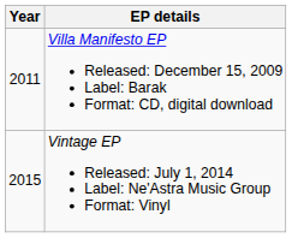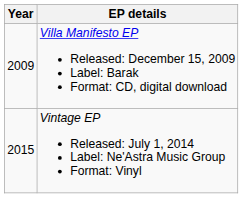 <table class="wikitable">
 <tr>
 <th style="text-align:center;">Year</th>
 <th style="text-align:center;">EP details</th>
 </tr>
 <tr>
-<td style="text-align:center;">2011</td>
+<td style="text-align:center;">2009</td>
 <td style="text-align:left; vertical-align:top;"><em><a href='#'>Villa Manifesto EP</a></em><br><ul><li>Released: December 15, 2009</li><li>Label: Barak</li><li>Format: CD, digital download</li></ul></td>
 </tr>
 <tr>
 <td style="text-align:center;">2015</td>
 <td style="text-align:left; vertical-align:top;"><em>Vintage EP</em><br><ul><li>Released: July 1, 2014</li><li>Label: Ne'Astra Music Group</li><li>Format: Vinyl</li></ul></td>
 </tr>
 </table>
